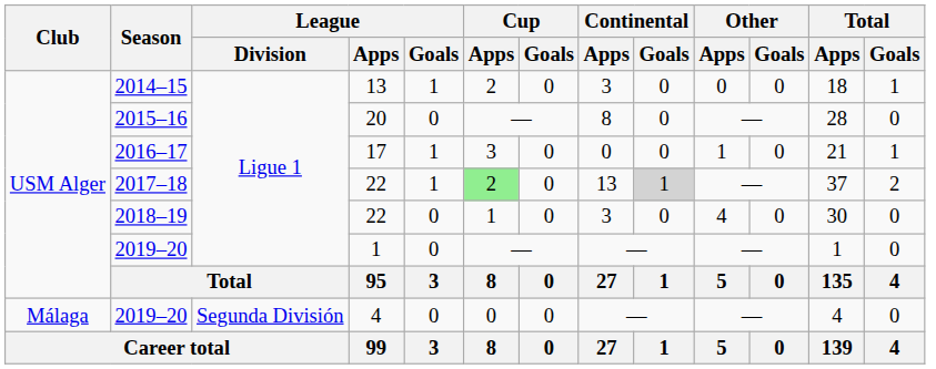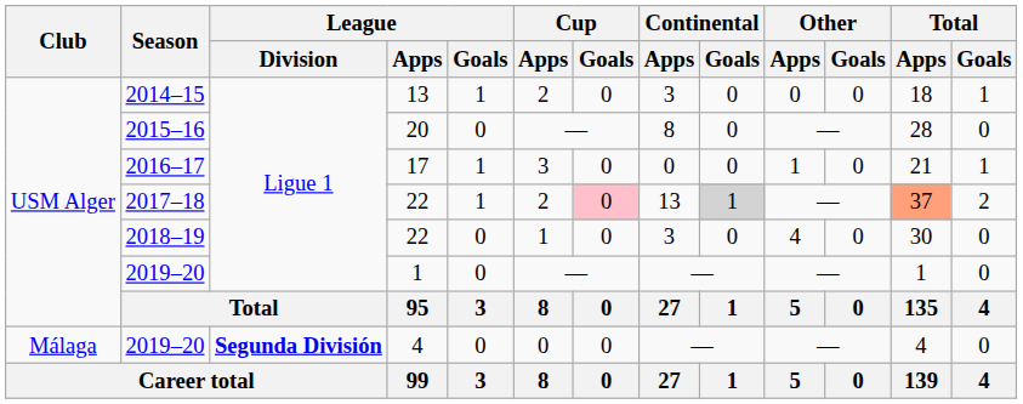 <table class="wikitable" style="text-align: center">
 <tr>
 <th rowspan="2">Club</th>
 <th rowspan="2">Season</th>
 <th colspan="3">League</th>
 <th colspan="2">Cup</th>
 <th colspan="2">Continental</th>
 <th colspan="2">Other</th>
 <th colspan="2">Total</th>
 </tr>
 <tr>
 <th>Division</th>
 <th>Apps</th>
 <th>Goals</th>
 <th>Apps</th>
 <th>Goals</th>
 <th>Apps</th>
 <th>Goals</th>
 <th>Apps</th>
 <th>Goals</th>
 <th>Apps</th>
 <th>Goals</th>
 </tr>
 <tr>
 <td rowspan="7" valign="center"><a href='#'>USM Alger</a></td>
 <td><a href='#'>2014–15</a></td>
 <td rowspan=6><a href='#'>Ligue 1</a></td>
 <td>13</td>
 <td>1</td>
 <td>2</td>
 <td>0</td>
 <td>3</td>
 <td>0</td>
 <td>0</td>
 <td>0</td>
 <td>18</td>
 <td>1</td>
 </tr>
 <tr>
 <td><a href='#'>2015–16</a></td>
 <td>20</td>
 <td>0</td>
 <td colspan=2>—</td>
 <td>8</td>
 <td>0</td>
 <td colspan=2>—</td>
 <td>28</td>
 <td>0</td>
 </tr>
 <tr>
 <td><a href='#'>2016–17</a></td>
 <td>17</td>
 <td>1</td>
 <td>3</td>
 <td>0</td>
 <td>0</td>
 <td>0</td>
 <td>1</td>
 <td>0</td>
 <td>21</td>
 <td>1</td>
 </tr>
 <tr>
 <td><a href='#'>2017–18</a></td>
 <td>22</td>
 <td>1</td>
-<td style="background: lightgreen;">2</td>
-<td>0</td>
+<td>2</td>
+<td style="background: pink;">0</td>
 <td>13</td>
 <td style="background: lightgrey;">1</td>
 <td colspan=2>—</td>
-<td>37</td>
+<td style="background: lightsalmon;">37</td>
 <td>2</td>
 </tr>
 <tr>
 <td><a href='#'>2018–19</a></td>
 <td>22</td>
 <td>0</td>
 <td>1</td>
 <td>0</td>
 <td>3</td>
 <td>0</td>
 <td>4</td>
 <td>0</td>
 <td>30</td>
 <td>0</td>
 </tr>
 <tr>
 <td><a href='#'>2019–20</a></td>
 <td>1</td>
 <td>0</td>
 <td colspan=2>—</td>
 <td colspan=2>—</td>
 <td colspan=2>—</td>
 <td>1</td>
 <td>0</td>
 </tr>
 <tr>
 <th colspan="2">Total</th>
 <th>95</th>
 <th>3</th>
 <th>8</th>
 <th>0</th>
 <th>27</th>
 <th>1</th>
 <th>5</th>
 <th>0</th>
 <th>135</th>
 <th>4</th>
 </tr>
 <tr>
 <td><a href='#'>Málaga</a></td>
 <td><a href='#'>2019–20</a></td>
-<td><a href='#'>Segunda División</a></td>
+<td><strong><a href='#'>Segunda División</a></strong></td>
 <td>4</td>
 <td>0</td>
 <td>0</td>
 <td>0</td>
 <td colspan=2>—</td>
 <td colspan=2>—</td>
 <td>4</td>
 <td>0</td>
 </tr>
 <tr>
 <th colspan="3">Career total</th>
 <th>99</th>
 <th>3</th>
 <th>8</th>
 <th>0</th>
 <th>27</th>
 <th>1</th>
 <th>5</th>
 <th>0</th>
 <th>139</th>
 <th>4</th>
 </tr>
 </table>
